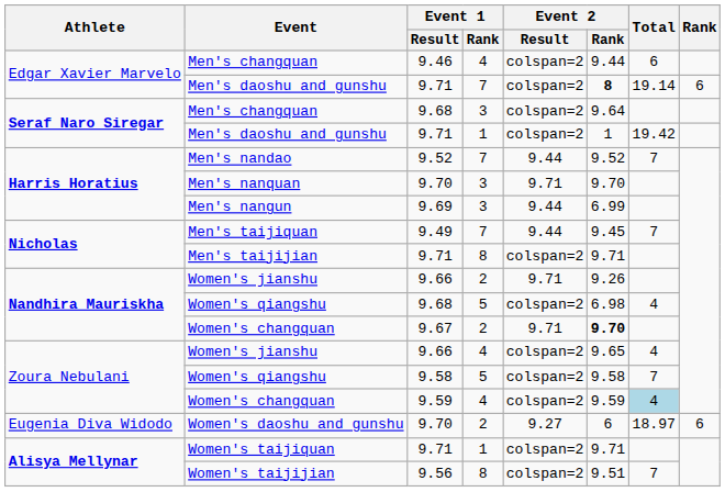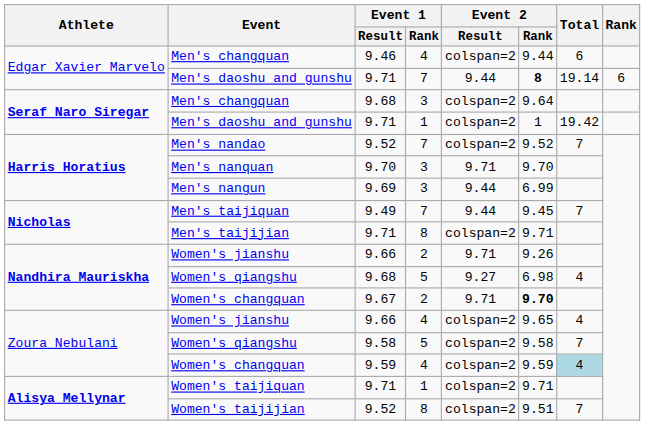 <table class=wikitable style="font-size:90%; text-align:center">
 <tr>
 <th rowspan="2">Athlete</th>
 <th rowspan="2">Event</th>
 <th colspan="2">Event 1</th>
 <th colspan="2">Event 2</th>
 <th rowspan="2">Total</th>
 <th rowspan="2">Rank</th>
 </tr>
 <tr style="font-size:95%">
 <th>Result</th>
 <th>Rank</th>
 <th>Result</th>
 <th>Rank</th>
 </tr>
 <tr>
 <td align=left rowspan=2><a href='#'>Edgar Xavier Marvelo</a></td>
 <td align=left><a href='#'>Men's changquan</a></td>
 <td>9.46</td>
 <td>4</td>
 <td>colspan=2 </td>
 <td>9.44</td>
 <td>6</td>
 </tr>
 <tr>
 <td align=left><a href='#'>Men's daoshu and gunshu</a></td>
 <td>9.71</td>
 <td>7</td>
-<td>colspan=2 </td>
+<td>9.44</td>
 <td><strong>8</strong></td>
 <td>19.14</td>
 <td>6</td>
 </tr>
 <tr>
 <td align=left rowspan=2><strong><a href='#'>Seraf Naro Siregar</a></strong></td>
 <td align=left><a href='#'>Men's changquan</a></td>
 <td>9.68</td>
 <td>3</td>
 <td>colspan=2 </td>
 <td>9.64</td>
 <td></td>
 </tr>
 <tr>
 <td align=left><a href='#'>Men's daoshu and gunshu</a></td>
 <td>9.71</td>
 <td>1</td>
 <td>colspan=2 </td>
 <td>1</td>
 <td>19.42</td>
 <td></td>
 </tr>
 <tr>
 <td align=left rowspan=3><strong><a href='#'>Harris Horatius</a></strong></td>
 <td align=left><a href='#'>Men's nandao</a></td>
 <td>9.52</td>
 <td>7</td>
-<td>9.44</td>
+<td>colspan=2 </td>
 <td>9.52</td>
 <td>7</td>
 </tr>
 <tr>
 <td align=left><a href='#'>Men's nanquan</a></td>
 <td>9.70</td>
 <td>3</td>
 <td>9.71</td>
 <td>9.70</td>
 <td></td>
 </tr>
 <tr>
 <td align=left><a href='#'>Men's nangun</a></td>
 <td>9.69</td>
 <td>3</td>
 <td>9.44</td>
 <td>6.99</td>
 <td></td>
 </tr>
 <tr>
 <td align=left rowspan=2><strong><a href='#'>Nicholas</a></strong></td>
 <td align=left><a href='#'>Men's taijiquan</a></td>
 <td>9.49</td>
 <td>7</td>
 <td>9.44</td>
 <td>9.45</td>
 <td>7</td>
 </tr>
 <tr>
 <td align=left><a href='#'>Men's taijijian</a></td>
 <td>9.71</td>
 <td>8</td>
 <td>colspan=2 </td>
 <td>9.71</td>
 <td></td>
 </tr>
 <tr>
 <td align=left rowspan=3><strong><a href='#'>Nandhira Mauriskha</a></strong></td>
 <td align=left><a href='#'>Women's jianshu</a></td>
 <td>9.66</td>
 <td>2</td>
 <td>9.71</td>
 <td>9.26</td>
 <td></td>
 </tr>
 <tr>
 <td align=left><a href='#'>Women's qiangshu</a></td>
 <td>9.68</td>
 <td>5</td>
-<td>colspan=2 </td>
+<td>9.27</td>
 <td>6.98</td>
 <td>4</td>
 </tr>
 <tr>
 <td align=left><a href='#'>Women's changquan</a></td>
 <td>9.67</td>
 <td>2</td>
 <td>9.71</td>
 <td><strong>9.70</strong></td>
 <td></td>
 </tr>
 <tr>
 <td align=left rowspan=3><a href='#'>Zoura Nebulani</a></td>
 <td align=left><a href='#'>Women's jianshu</a></td>
 <td>9.66</td>
 <td>4</td>
 <td>colspan=2 </td>
 <td>9.65</td>
 <td>4</td>
 </tr>
 <tr>
 <td align=left><a href='#'>Women's qiangshu</a></td>
 <td>9.58</td>
 <td>5</td>
 <td>colspan=2 </td>
 <td>9.58</td>
 <td>7</td>
 </tr>
 <tr>
 <td align=left><a href='#'>Women's changquan</a></td>
 <td>9.59</td>
 <td>4</td>
 <td>colspan=2 </td>
 <td>9.59</td>
 <td style="background: lightblue;">4</td>
 </tr>
 <tr>
-<td align=left><a href='#'>Eugenia Diva Widodo</a></td>
-<td align=left><a href='#'>Women's daoshu and gunshu</a></td>
-<td>9.70</td>
-<td>2</td>
-<td>9.27</td>
-<td>6</td>
-<td>18.97</td>
-<td>6</td>
-</tr>
-<tr>
 <td align=left rowspan=2><strong><a href='#'>Alisya Mellynar</a></strong></td>
 <td align=left><a href='#'>Women's taijiquan</a></td>
 <td>9.71</td>
 <td>1</td>
 <td>colspan=2 </td>
 <td>9.71</td>
 <td></td>
 </tr>
 <tr>
 <td align=left><a href='#'>Women's taijijian</a></td>
-<td>9.56</td>
+<td>9.52</td>
 <td>8</td>
 <td>colspan=2 </td>
 <td>9.51</td>
 <td>7</td>
 </tr>
 </table>
